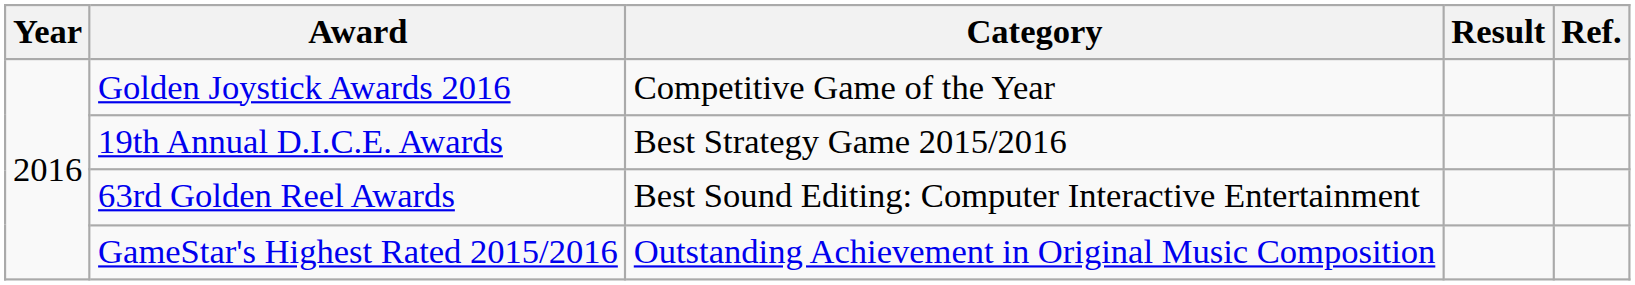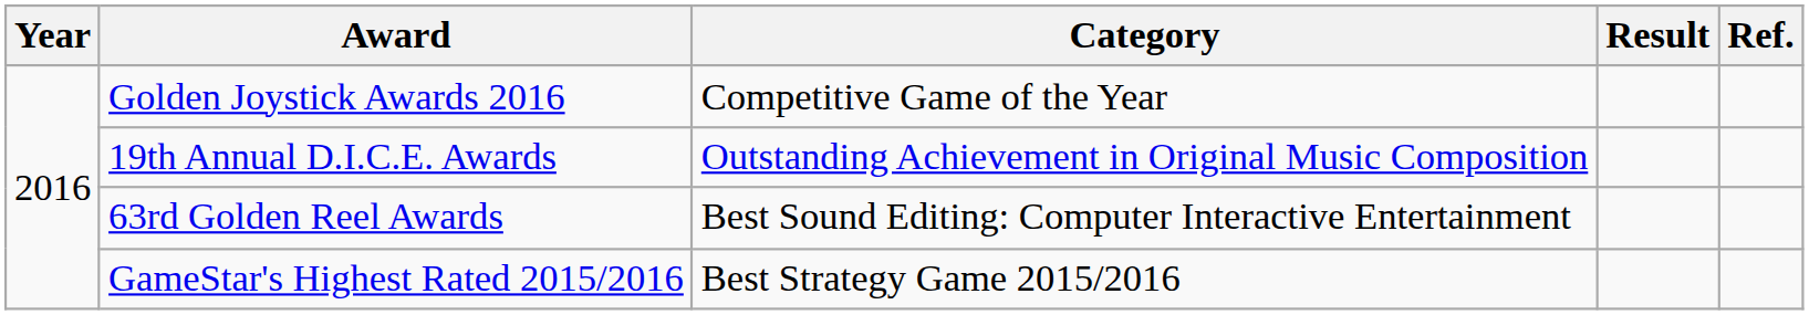 <table class="wikitable sortable">
 <tr>
 <th>Year</th>
 <th>Award</th>
 <th>Category</th>
 <th>Result</th>
 <th>Ref.</th>
 </tr>
 <tr>
 <td rowspan="4" style="text-align:center;">2016</td>
 <td rowspan="1"><a href='#'>Golden Joystick Awards 2016</a></td>
 <td>Competitive Game of the Year</td>
 <td></td>
 <td rowspan="1"></td>
 </tr>
 <tr>
 <td rowspan="1"><a href='#'>19th Annual D.I.C.E. Awards</a></td>
-<td>Best Strategy Game 2015/2016</td>
+<td><a href='#'>Outstanding Achievement in Original Music Composition</a></td>
 <td></td>
 <td rowspan="1"></td>
 </tr>
 <tr>
 <td rowspan="1"><a href='#'>63rd Golden Reel Awards</a></td>
 <td>Best Sound Editing: Computer Interactive Entertainment</td>
 <td></td>
 <td rowspan="1"></td>
 </tr>
 <tr>
 <td rowspan="1"><a href='#'>GameStar's Highest Rated 2015/2016</a></td>
-<td><a href='#'>Outstanding Achievement in Original Music Composition</a></td>
+<td>Best Strategy Game 2015/2016</td>
 <td></td>
 <td rowspan="1"></td>
 </tr>
 </table>
